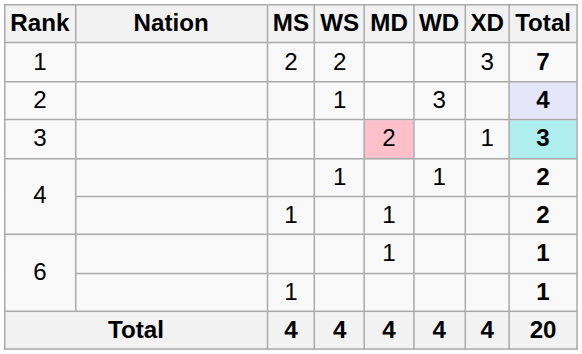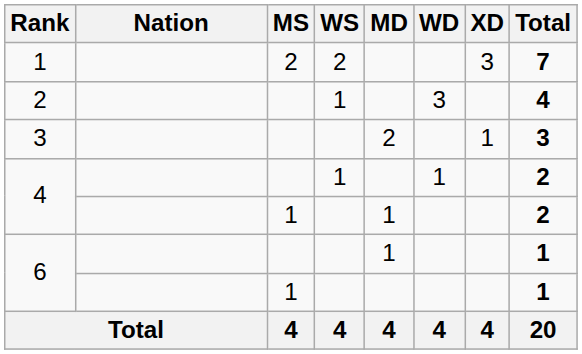 <table class="wikitable" style="text-align:center">
 <tr>
 <th width="20">Rank</th>
 <th width="120">Nation</th>
 <th width="20">MS</th>
 <th width="20">WS</th>
 <th width="20">MD</th>
 <th width="20">WD</th>
 <th width="20">XD</th>
 <th>Total</th>
 </tr>
 <tr align="center">
 <td>1</td>
 <td align="left"></td>
 <td>2</td>
 <td>2</td>
 <td></td>
 <td></td>
 <td>3</td>
 <td><strong>7</strong></td>
 </tr>
 <tr align="center">
 <td>2</td>
 <td align="left"></td>
 <td></td>
 <td>1</td>
 <td></td>
 <td>3</td>
 <td></td>
-<td style="background: lavender;"><strong>4</strong></td>
+<td><strong>4</strong></td>
 </tr>
 <tr align="center">
 <td>3</td>
 <td align="left"></td>
 <td></td>
 <td></td>
-<td style="background: pink;">2</td>
+<td>2</td>
 <td></td>
 <td>1</td>
-<td style="background: paleturquoise;"><strong>3</strong></td>
+<td><strong>3</strong></td>
 </tr>
 <tr align="center">
 <td rowspan="2">4</td>
 <td align="left"></td>
 <td></td>
 <td>1</td>
 <td></td>
 <td>1</td>
 <td></td>
 <td><strong>2</strong></td>
 </tr>
 <tr align="center">
 <td align="left"></td>
 <td>1</td>
 <td></td>
 <td>1</td>
 <td></td>
 <td></td>
 <td><strong>2</strong></td>
 </tr>
 <tr align="center">
 <td rowspan="2">6</td>
 <td align="left"></td>
 <td></td>
 <td></td>
 <td>1</td>
 <td></td>
 <td></td>
 <td><strong>1</strong></td>
 </tr>
 <tr align="center">
 <td align="left"></td>
 <td>1</td>
 <td></td>
 <td></td>
 <td></td>
 <td></td>
 <td><strong>1</strong></td>
 </tr>
 <tr>
 <th colspan="2">Total</th>
 <th>4</th>
 <th>4</th>
 <th>4</th>
 <th>4</th>
 <th>4</th>
 <th>20</th>
 </tr>
 </table>
